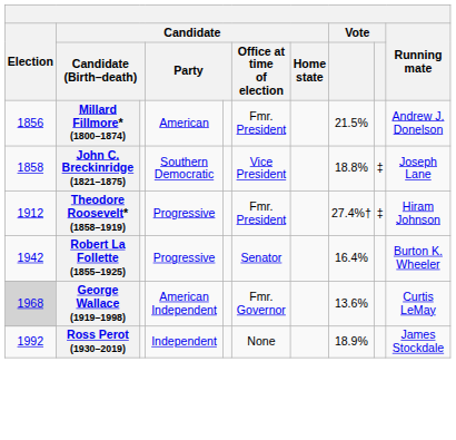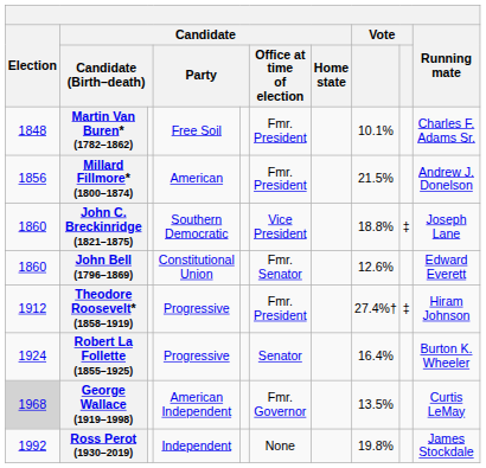 <table class="wikitable sortable" style="text-align:center;">
 <tr>
 <th colspan=10><br></th>
 </tr>
 <tr>
 <th rowspan=2>Election</th>
 <th colspan=6>Candidate</th>
 <th colspan=2>Vote</th>
 <th rowspan=2>Running mate</th>
 </tr>
 <tr>
 <th colspan=2>Candidate<br>(Birth–death)</th>
 <th colspan=2>Party</th>
 <th>Office at time<br>of election</th>
 <th>Home<br>state</th>
 <th data-sort-type="number"></th>
 <th data-sort-type="number"></th>
 </tr>
 <tr>
+<td><a href='#'>1848</a></td>
+<th data-sort-value= "Van Buren"><a href='#'>Martin Van Buren</a>*<br><small>(1782–1862)</small></th>
+<td></td>
+<td><a href='#'>Free Soil</a></td>
+<td style="background-color:"> </td>
+<td data-sort-value= "execPresidentf">Fmr. <a href='#'>President</a></td>
+<td></td>
+<td>10.1%</td>
+<td></td>
+<td data-sort-value= "Adams"><a href='#'>Charles F. Adams Sr.</a></td>
+</tr>
+<tr>
 <td><a href='#'>1856</a></td>
 <th data-sort-value= "Fillmore"><a href='#'>Millard Fillmore</a>*<br><small>(1800–1874)</small></th>
 <td></td>
 <td data-sort-value= "fWhig"><a href='#'>American</a></td>
 <td style="background-color:"> </td>
 <td data-sort-value= "execPresidentf">Fmr. <a href='#'>President</a></td>
 <td></td>
 <td>21.5%</td>
 <td></td>
 <td data-sort-value= "Donelson"><a href='#'>Andrew J. Donelson</a></td>
 </tr>
 <tr>
-<td><a href='#'>1858</a></td>
+<td><a href='#'>1860</a></td>
 <th data-sort-value= "Breckinridge"><a href='#'>John C. Breckinridge</a><br><small>(1821–1875)</small></th>
 <td></td>
 <td data-sort-value="sDem"><a href='#'>Southern Democratic</a></td>
 <td style="background-color:"> </td>
 <td data-sort-value= "execVice President"><a href='#'>Vice President</a></td>
 <td></td>
 <td>18.8%</td>
 <td>‡</td>
 <td data-sort-value= "Lane"><a href='#'>Joseph Lane</a></td>
+</tr>
+<tr>
+<td><a href='#'>1860</a></td>
+<th data-sort-value= "Bell"><a href='#'>John Bell</a><br><small>(1796–1869)</small></th>
+<td></td>
+<td data-sort-value= "fWhig"><a href='#'>Constitutional Union</a></td>
+<td style="background-color:"> </td>
+<td data-sort-value = "legSenatorf">Fmr. <a href='#'>Senator</a></td>
+<td></td>
+<td>12.6%</td>
+<td></td>
+<td data-sort-value= "Everett"><a href='#'>Edward Everett</a></td>
 </tr>
 <tr>
 <td><a href='#'>1912</a></td>
 <th data-sort-value= "Roosevelt"><a href='#'>Theodore Roosevelt</a>*<br><small>(1858–1919)</small></th>
 <td></td>
 <td><a href='#'>Progressive</a></td>
 <td style="background-color:"> </td>
 <td data-sort-value= "execPresidentf">Fmr. <a href='#'>President</a></td>
 <td></td>
 <td>27.4%†</td>
 <td>‡</td>
 <td data-sort-value= "Johnson"><a href='#'>Hiram Johnson</a></td>
 </tr>
 <tr>
-<td><a href='#'>1942</a></td>
+<td><a href='#'>1924</a></td>
 <th data-sort-value= "La Follette"><a href='#'>Robert La Follette</a><br><small>(1855–1925)</small></th>
 <td></td>
 <td><a href='#'>Progressive</a></td>
 <td style="background-color:"> </td>
 <td data-sort-value = "legSenator"><a href='#'>Senator</a></td>
 <td></td>
 <td>16.4%</td>
 <td></td>
 <td data-sort-value= "Wheeler"><a href='#'>Burton K. Wheeler</a></td>
 </tr>
 <tr>
 <td style="background: lightgrey;"><a href='#'>1968</a></td>
 <th data-sort-value= "Wallace"><a href='#'>George Wallace</a><br><small>(1919–1998)</small></th>
 <td></td>
 <td data-sort-value="sDem"><a href='#'>American Independent</a></td>
 <td style="background-color:"> </td>
 <td data-sort-value= "stateGovernorf">Fmr. <a href='#'>Governor</a></td>
 <td></td>
-<td>13.6%</td>
+<td>13.5%</td>
 <td></td>
 <td data-sort-value= "LeMay"><a href='#'>Curtis LeMay</a></td>
 </tr>
 <tr>
 <td><a href='#'>1992</a></td>
 <th rowspan="2" data-sort-value="Perot"><a href='#'>Ross Perot</a><br><small>(1930–2019)</small></th>
 <td rowspan="2"></td>
 <td data-sort-value="z"><a href='#'>Independent</a></td>
 <td style="background-color:"> </td>
 <td data-sort-value="z">None</td>
 <td></td>
-<td>18.9%</td>
+<td>19.8%</td>
 <td rowspan="2"></td>
 <td data-sort-value= "Stockdale"><a href='#'>James Stockdale</a></td>
 </tr>
 </table>
